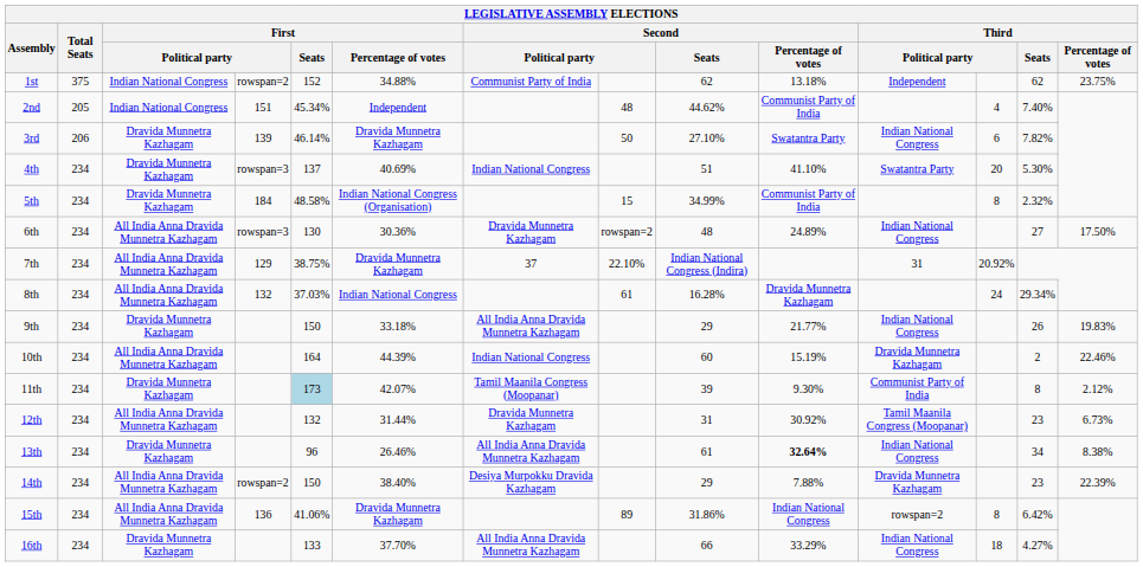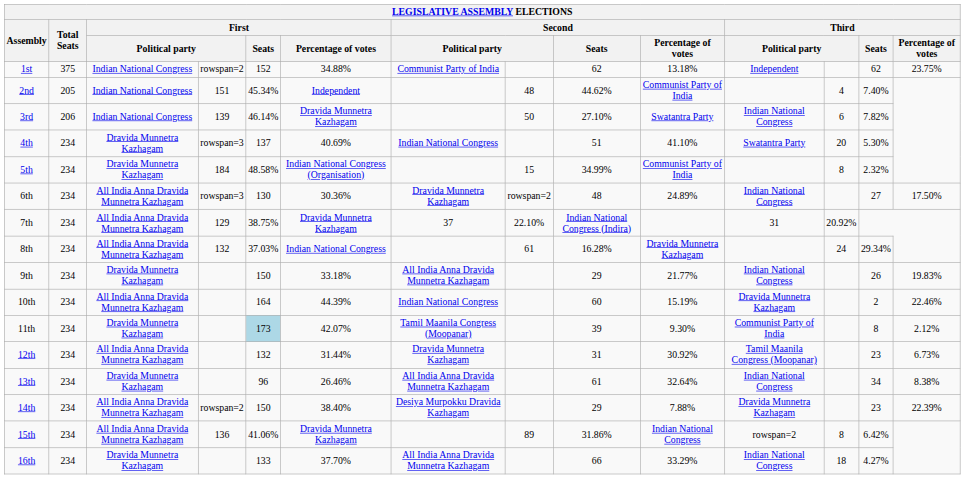 <table class="wikitable" style="text-align:center;">
 <tr>
 <th colspan=14><strong><a href='#'>LEGISLATIVE ASSEMBLY</a> ELECTIONS</strong></th>
 </tr>
 <tr>
 <th rowspan=2>Assembly<br></th>
 <th rowspan=2>Total Seats</th>
 <th colspan=4>First</th>
 <th colspan=4>Second</th>
 <th colspan=4>Third</th>
 </tr>
 <tr>
 <th colspan=2>Political party</th>
 <th>Seats</th>
 <th>Percentage of votes</th>
 <th colspan=2>Political party</th>
 <th>Seats</th>
 <th>Percentage of votes</th>
 <th colspan=2>Political party</th>
 <th>Seats</th>
 <th>Percentage of votes</th>
 </tr>
 <tr>
 <td><a href='#'>1st</a><br></td>
 <td>375</td>
 <td><a href='#'>Indian National Congress</a></td>
 <td>rowspan=2 </td>
 <td>152</td>
 <td>34.88%</td>
 <td><a href='#'>Communist Party of India</a></td>
 <td></td>
 <td>62</td>
 <td>13.18%</td>
 <td><a href='#'>Independent</a></td>
 <td></td>
 <td>62</td>
 <td>23.75%</td>
 </tr>
 <tr>
 <td><a href='#'>2nd</a><br></td>
 <td>205</td>
 <td><a href='#'>Indian National Congress</a></td>
 <td>151</td>
 <td>45.34%</td>
 <td><a href='#'>Independent</a></td>
 <td></td>
 <td>48</td>
 <td>44.62%</td>
 <td><a href='#'>Communist Party of India</a></td>
 <td></td>
 <td>4</td>
 <td>7.40%</td>
 </tr>
 <tr>
 <td><a href='#'>3rd</a><br></td>
 <td>206</td>
-<td><a href='#'>Dravida Munnetra Kazhagam</a></td>
+<td><a href='#'>Indian National Congress</a></td>
 <td>139</td>
 <td>46.14%</td>
 <td><a href='#'>Dravida Munnetra Kazhagam</a></td>
 <td></td>
 <td>50</td>
 <td>27.10%</td>
 <td><a href='#'>Swatantra Party</a></td>
 <td><a href='#'>Indian National Congress</a></td>
 <td>6</td>
 <td>7.82%</td>
 </tr>
 <tr>
 <td><a href='#'>4th</a><br></td>
 <td>234</td>
 <td><a href='#'>Dravida Munnetra Kazhagam</a></td>
 <td>rowspan=3 </td>
 <td>137</td>
 <td>40.69%</td>
 <td><a href='#'>Indian National Congress</a></td>
 <td></td>
 <td>51</td>
 <td>41.10%</td>
 <td><a href='#'>Swatantra Party</a></td>
 <td>20</td>
 <td>5.30%</td>
 </tr>
 <tr>
 <td><a href='#'>5th</a><br></td>
 <td>234</td>
 <td><a href='#'>Dravida Munnetra Kazhagam</a></td>
 <td>184</td>
 <td>48.58%</td>
 <td><a href='#'>Indian National Congress (Organisation)</a></td>
 <td></td>
 <td>15</td>
 <td>34.99%</td>
 <td><a href='#'>Communist Party of India</a></td>
 <td></td>
 <td>8</td>
 <td>2.32%</td>
 </tr>
 <tr>
 <td>6th<br></td>
 <td>234</td>
 <td><a href='#'>All India Anna Dravida Munnetra Kazhagam</a></td>
 <td>rowspan=3 </td>
 <td>130</td>
 <td>30.36%</td>
 <td><a href='#'>Dravida Munnetra Kazhagam</a></td>
 <td>rowspan=2 </td>
 <td>48</td>
 <td>24.89%</td>
 <td><a href='#'>Indian National Congress</a></td>
 <td></td>
 <td>27</td>
 <td>17.50%</td>
 </tr>
 <tr>
 <td>7th<br></td>
 <td>234</td>
 <td><a href='#'>All India Anna Dravida Munnetra Kazhagam</a></td>
 <td>129</td>
 <td>38.75%</td>
 <td><a href='#'>Dravida Munnetra Kazhagam</a></td>
 <td>37</td>
 <td>22.10%</td>
 <td><a href='#'>Indian National Congress (Indira)</a></td>
 <td></td>
 <td>31</td>
 <td>20.92%</td>
 </tr>
 <tr>
 <td>8th<br></td>
 <td>234</td>
 <td><a href='#'>All India Anna Dravida Munnetra Kazhagam</a></td>
 <td>132</td>
 <td>37.03%</td>
 <td><a href='#'>Indian National Congress</a></td>
 <td></td>
 <td>61</td>
 <td>16.28%</td>
 <td><a href='#'>Dravida Munnetra Kazhagam</a></td>
 <td></td>
 <td>24</td>
 <td>29.34%</td>
 </tr>
 <tr>
 <td>9th<br></td>
 <td>234</td>
 <td><a href='#'>Dravida Munnetra Kazhagam</a></td>
 <td></td>
 <td>150</td>
 <td>33.18%</td>
 <td><a href='#'>All India Anna Dravida Munnetra Kazhagam</a></td>
 <td></td>
 <td>29</td>
 <td>21.77%</td>
 <td><a href='#'>Indian National Congress</a></td>
 <td></td>
 <td>26</td>
 <td>19.83%</td>
 </tr>
 <tr>
 <td>10th<br></td>
 <td>234</td>
 <td><a href='#'>All India Anna Dravida Munnetra Kazhagam</a></td>
 <td></td>
 <td>164</td>
 <td>44.39%</td>
 <td><a href='#'>Indian National Congress</a></td>
 <td></td>
 <td>60</td>
 <td>15.19%</td>
 <td><a href='#'>Dravida Munnetra Kazhagam</a></td>
 <td></td>
 <td>2</td>
 <td>22.46%</td>
 </tr>
 <tr>
 <td>11th<br></td>
 <td>234</td>
 <td><a href='#'>Dravida Munnetra Kazhagam</a></td>
 <td></td>
 <td style="background: lightblue;">173</td>
 <td>42.07%</td>
 <td><a href='#'>Tamil Maanila Congress (Moopanar)</a></td>
 <td></td>
 <td>39</td>
 <td>9.30%</td>
 <td><a href='#'>Communist Party of India</a></td>
 <td></td>
 <td>8</td>
 <td>2.12%</td>
 </tr>
 <tr>
 <td><a href='#'>12th</a><br></td>
 <td>234</td>
 <td><a href='#'>All India Anna Dravida Munnetra Kazhagam</a></td>
 <td></td>
 <td>132</td>
 <td>31.44%</td>
 <td><a href='#'>Dravida Munnetra Kazhagam</a></td>
 <td></td>
 <td>31</td>
 <td>30.92%</td>
 <td><a href='#'>Tamil Maanila Congress (Moopanar)</a></td>
 <td></td>
 <td>23</td>
 <td>6.73%</td>
 </tr>
 <tr>
 <td><a href='#'>13th</a><br></td>
 <td>234</td>
 <td><a href='#'>Dravida Munnetra Kazhagam</a></td>
 <td></td>
 <td>96</td>
 <td>26.46%</td>
 <td><a href='#'>All India Anna Dravida Munnetra Kazhagam</a></td>
 <td></td>
 <td>61</td>
-<td><strong>32.64%</strong></td>
+<td>32.64%</td>
 <td><a href='#'>Indian National Congress</a></td>
 <td></td>
 <td>34</td>
 <td>8.38%</td>
 </tr>
 <tr>
 <td><a href='#'>14th</a><br></td>
 <td>234</td>
 <td><a href='#'>All India Anna Dravida Munnetra Kazhagam</a></td>
 <td>rowspan=2 </td>
 <td>150</td>
 <td>38.40%</td>
 <td><a href='#'>Desiya Murpokku Dravida Kazhagam</a></td>
 <td></td>
 <td>29</td>
 <td>7.88%</td>
 <td><a href='#'>Dravida Munnetra Kazhagam</a></td>
 <td></td>
 <td>23</td>
 <td>22.39%</td>
 </tr>
 <tr>
 <td><a href='#'>15th</a><br></td>
 <td>234</td>
 <td><a href='#'>All India Anna Dravida Munnetra Kazhagam</a></td>
 <td>136</td>
 <td>41.06%</td>
 <td><a href='#'>Dravida Munnetra Kazhagam</a></td>
 <td></td>
 <td>89</td>
 <td>31.86%</td>
 <td><a href='#'>Indian National Congress</a></td>
 <td>rowspan=2 </td>
 <td>8</td>
 <td>6.42%</td>
 </tr>
 <tr>
 <td><a href='#'>16th</a><br></td>
 <td>234</td>
 <td><a href='#'>Dravida Munnetra Kazhagam</a></td>
 <td></td>
 <td>133</td>
 <td>37.70%</td>
 <td><a href='#'>All India Anna Dravida Munnetra Kazhagam</a></td>
 <td></td>
 <td>66</td>
 <td>33.29%</td>
 <td><a href='#'>Indian National Congress</a></td>
 <td>18</td>
 <td>4.27%</td>
 </tr>
 </table>
